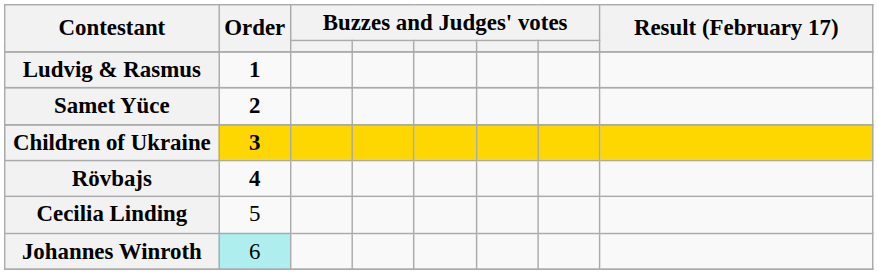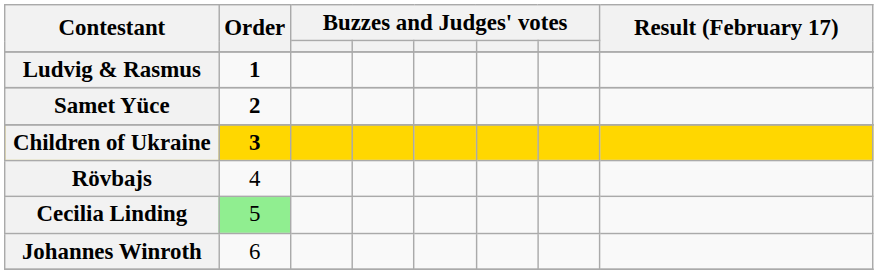 <table class="wikitable plainrowheaders sortable" style="text-align:center;">
 <tr>
 <th scope="col" rowspan="2" class="unsortable" style="width:17em;">Contestant</th>
 <th scope="col" rowspan="2" style="width:1em;">Order</th>
 <th scope="col" colspan="5" class="unsortable" style="width:24em;">Buzzes and Judges' votes</th>
 <th scope="col" rowspan="2" style="width:25em;">Result (February 17)</th>
 </tr>
 <tr>
 <th scope="col" class="unsortable" style="width:6em;"></th>
 <th scope="col" class="unsortable" style="width:6em;"></th>
 <th scope="col" class="unsortable" style="width:6em;"></th>
 <th scope="col" class="unsortable" style="width:6em;"></th>
 <th scope="col" class="unsortable" style="width:6em;"></th>
 </tr>
 <tr>
 </tr>
 <tr -style="background:NavajoWhite">
 <th scope="row"><strong>Ludvig & Rasmus</strong></th>
 <td><strong>1</strong></td>
 <td style="text-align:center;"></td>
 <td style="text-align:center;"></td>
 <td style="text-align:center;"></td>
 <td style="text-align:center;"></td>
 <td></td>
 <td></td>
 </tr>
 <tr>
 </tr>
 <tr -style="background:NavajoWhite">
 <th scope="row"><strong>Samet Yüce</strong></th>
 <td><strong>2</strong></td>
 <td style="text-align:center;"></td>
 <td style="text-align:center;"></td>
 <td style="text-align:center;"></td>
 <td style="text-align:center;"></td>
 <td></td>
 <td></td>
 </tr>
 <tr>
 </tr>
 <tr style="background:gold">
 <th scope="row"><strong>Children of Ukraine</strong></th>
 <td><strong>3</strong></td>
 <td style="text-align:center;"></td>
 <td style="text-align:center;"></td>
 <td style="text-align:center;"></td>
 <td style="text-align:center;"></td>
 <td></td>
 <td></td>
 </tr>
 <tr>
 <th scope="row">Rövbajs</th>
-<td><strong>4</strong></td>
+<td>4</td>
 <td style="text-align:center;"></td>
 <td style="text-align:center;"></td>
 <td style="text-align:center;"></td>
 <td style="text-align:center;"></td>
 <td></td>
 <td></td>
 </tr>
 <tr>
 <th scope="row">Cecilia Linding</th>
-<td>5</td>
+<td style="background: lightgreen;">5</td>
 <td style="text-align:center;"></td>
 <td style="text-align:center;"></td>
 <td style="text-align:center;"></td>
 <td style="text-align:center;"></td>
 <td></td>
 <td></td>
 </tr>
 <tr>
 <th scope="row">Johannes Winroth</th>
-<td style="background: paleturquoise;">6</td>
+<td>6</td>
 <td style="text-align:center;"></td>
 <td style="text-align:center;"></td>
 <td style="text-align:center;"></td>
 <td style="text-align:center;"></td>
 <td></td>
 <td></td>
 </tr>
 <tr>
 </tr>
 </table>
